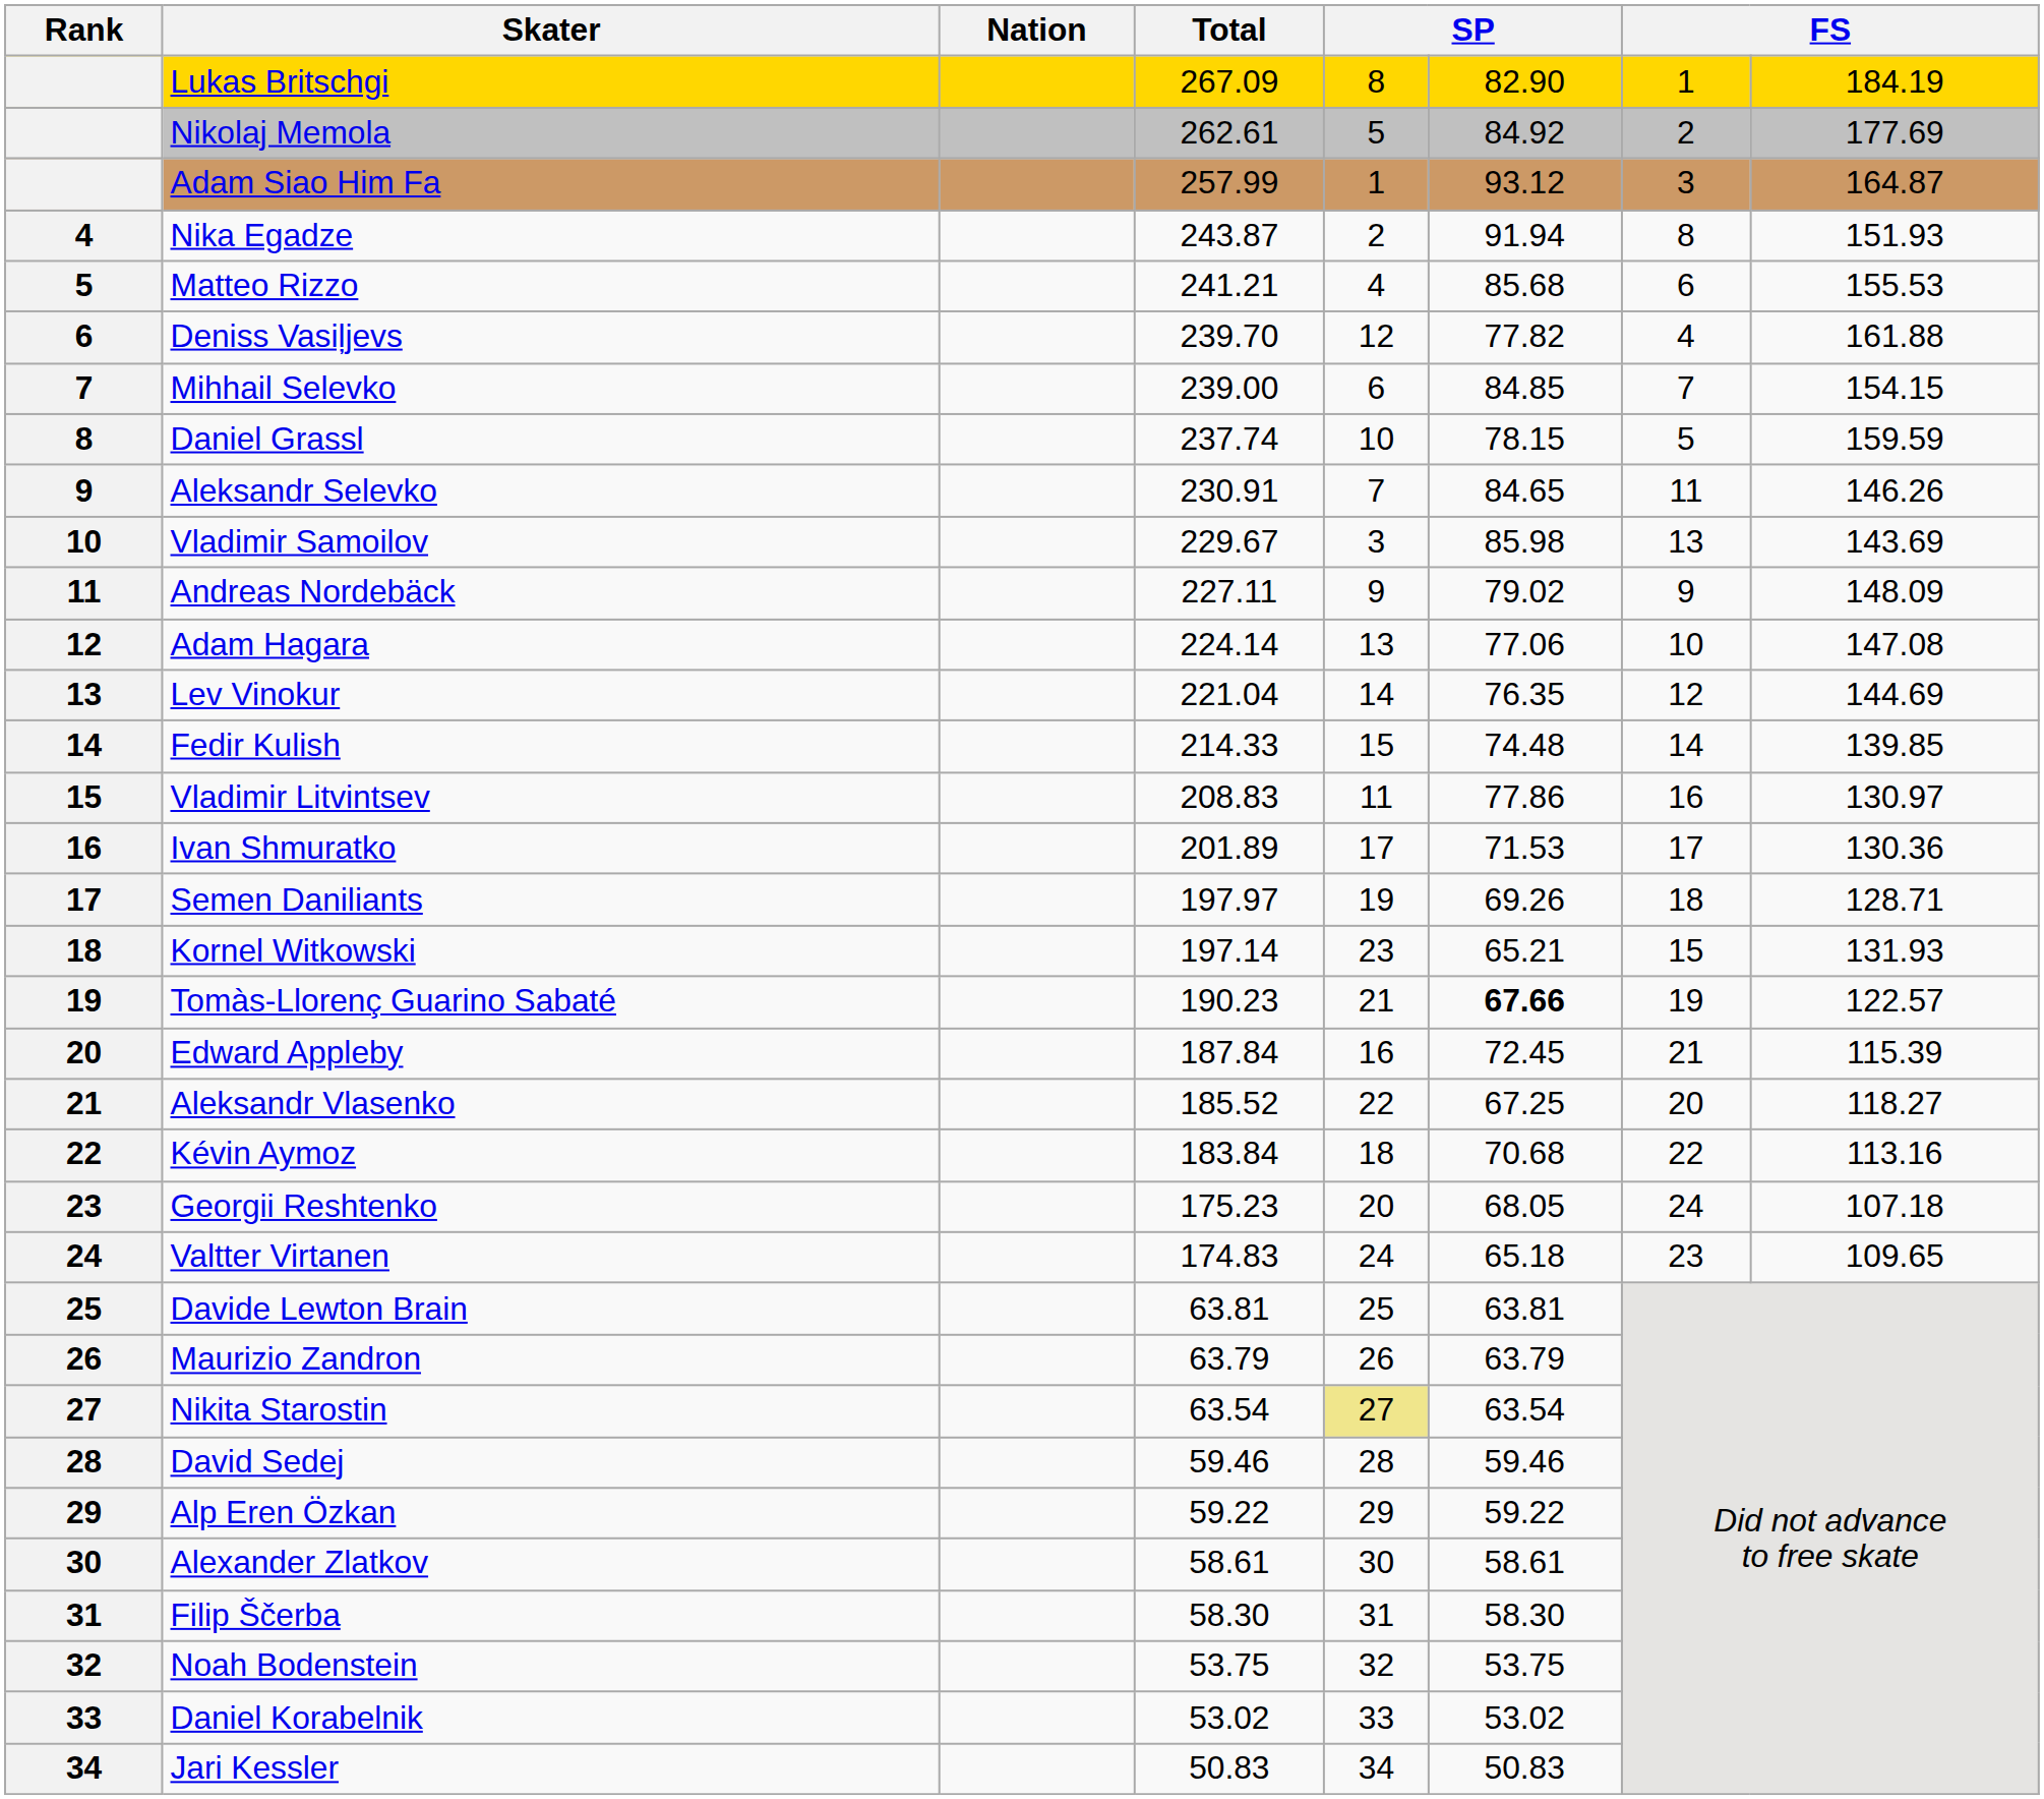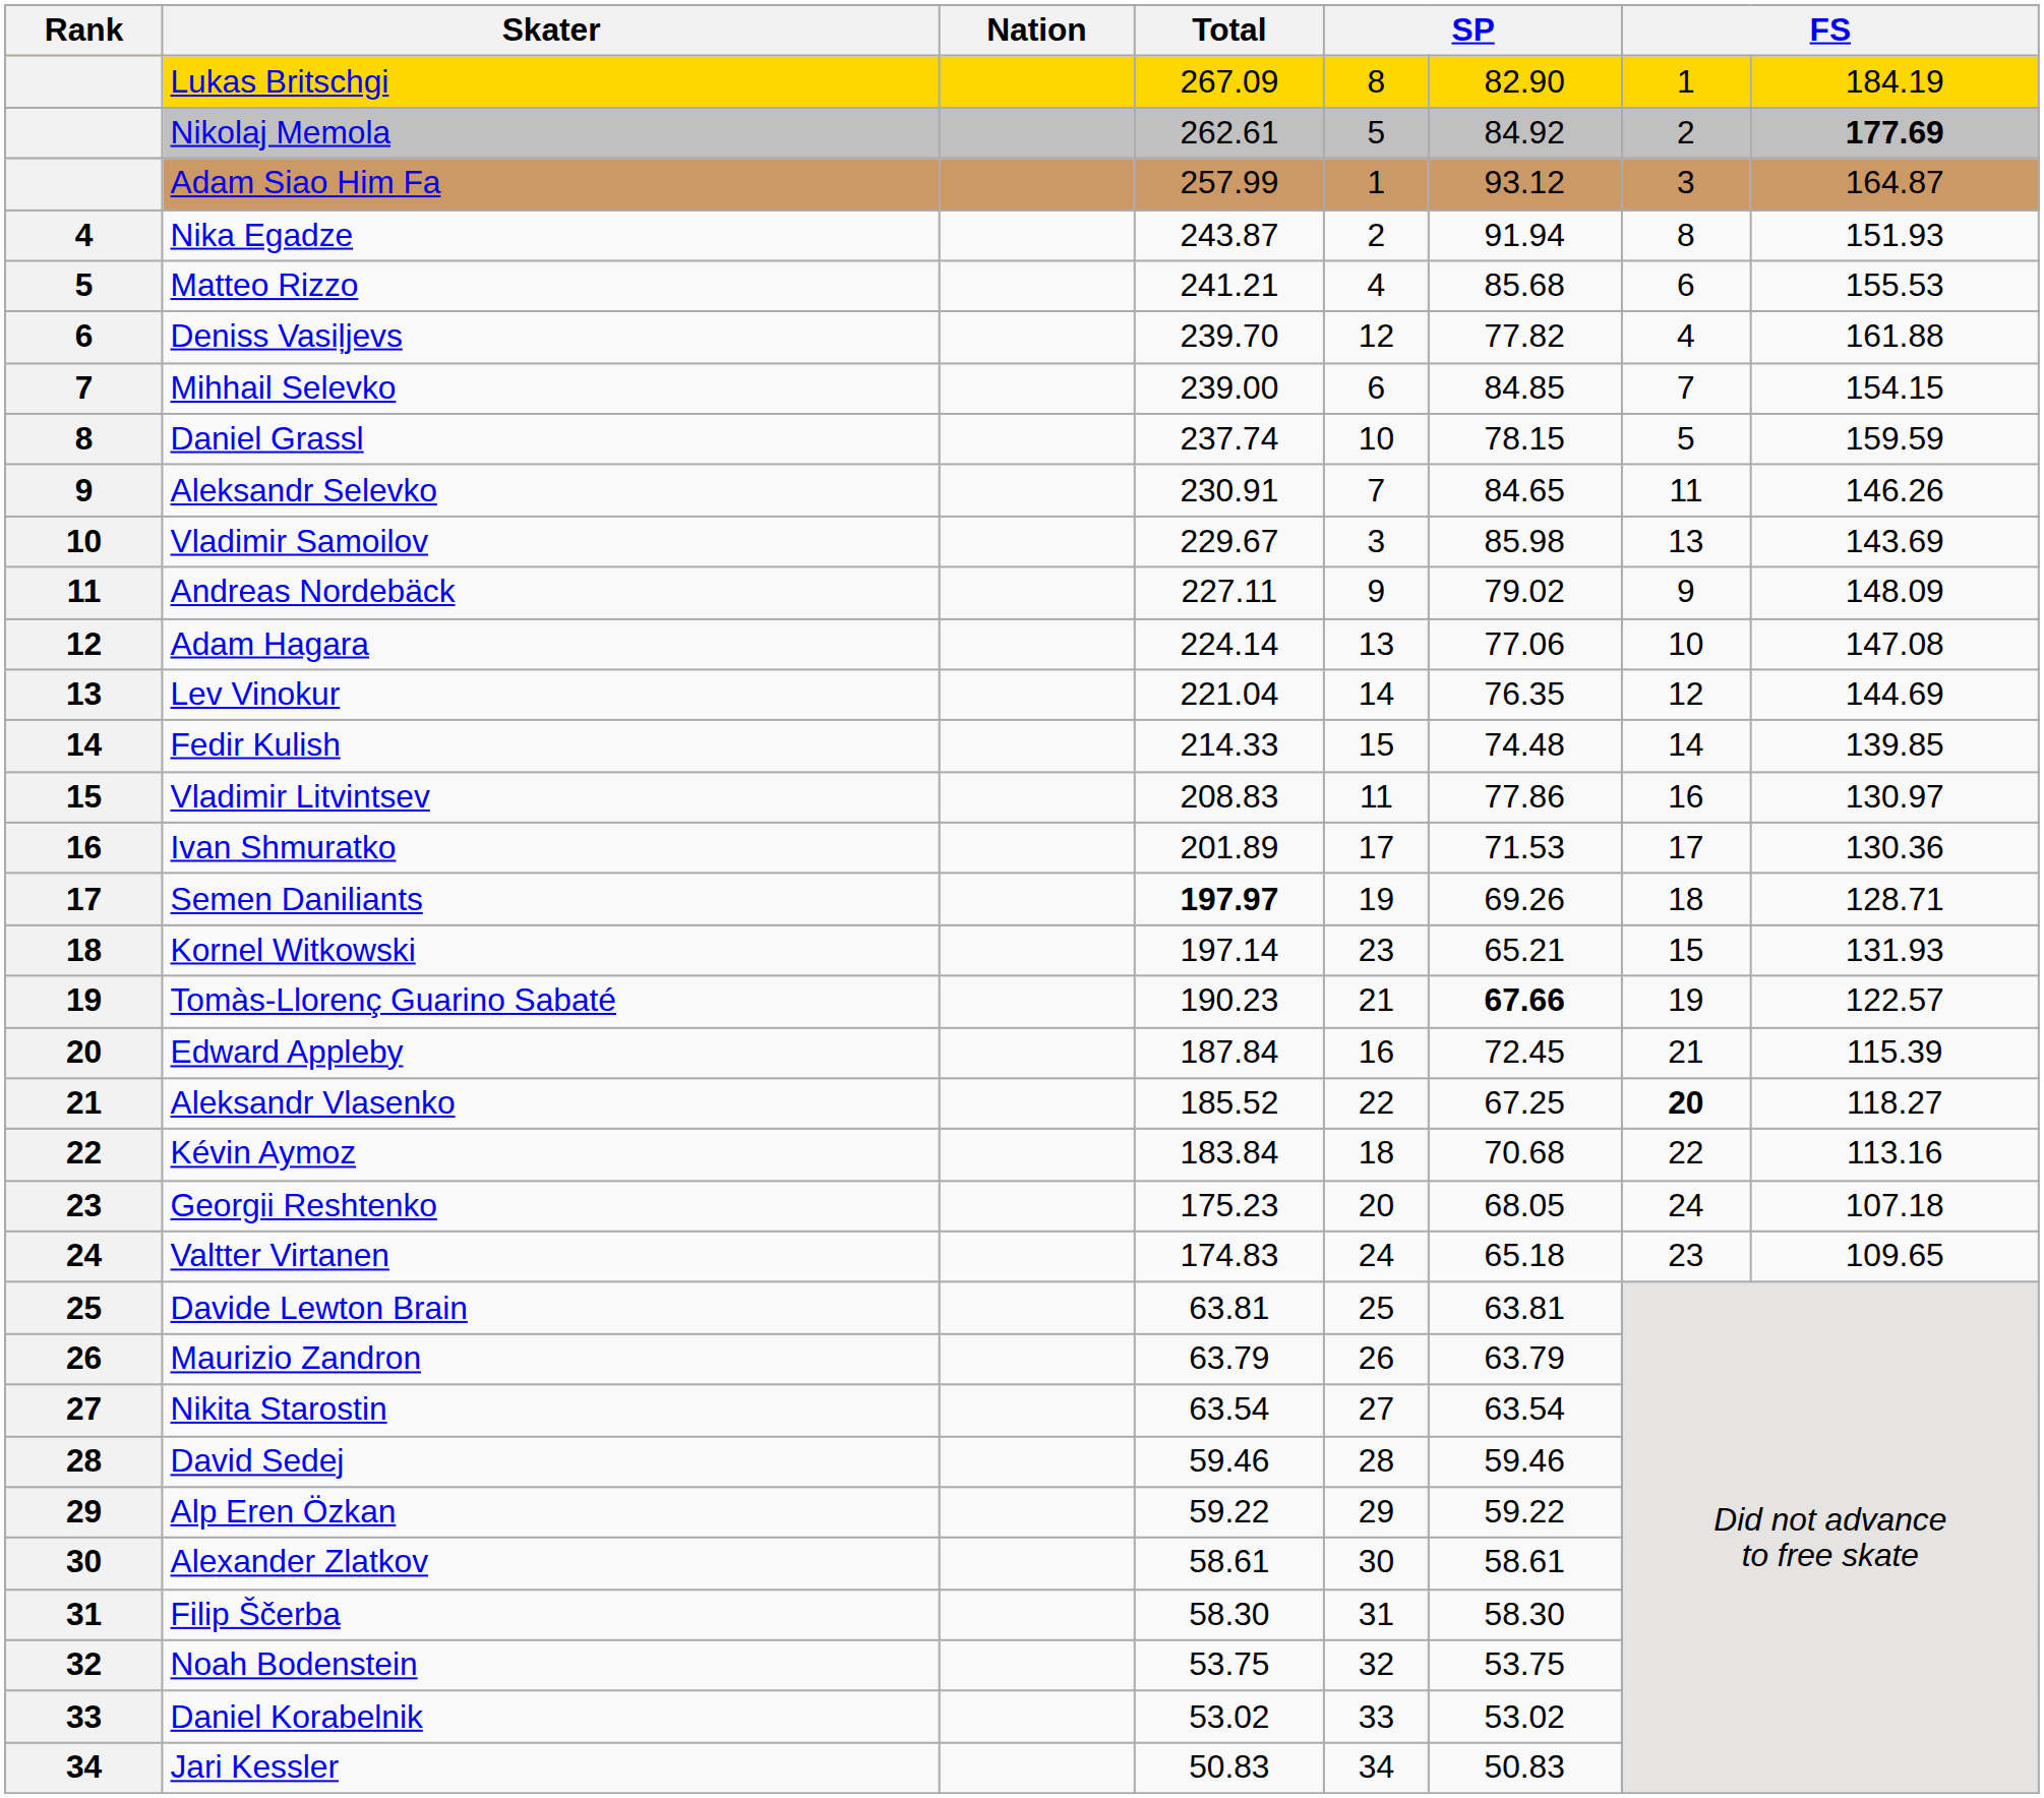 <table class="wikitable sortable" style="text-align:center; width:80%">
 <tr>
 <th scope="col">Rank</th>
 <th scope="col">Skater</th>
 <th scope="col">Nation</th>
 <th scope="col">Total</th>
 <th scope="col" colspan="2" width="80px"><a href='#'>SP</a></th>
 <th scope="col" colspan="2" width="80px"><a href='#'>FS</a></th>
 </tr>
 <tr bgcolor="gold">
 <th scope="row"></th>
 <td align="left"><a href='#'>Lukas Britschgi</a></td>
 <td align="left"></td>
 <td>267.09</td>
 <td>8</td>
 <td>82.90</td>
 <td>1</td>
 <td>184.19</td>
 </tr>
 <tr bgcolor="silver">
 <th scope="row"></th>
 <td align="left"><a href='#'>Nikolaj Memola</a></td>
 <td align="left"></td>
 <td>262.61</td>
 <td>5</td>
 <td>84.92</td>
 <td>2</td>
-<td>177.69</td>
+<td><strong>177.69</strong></td>
 </tr>
 <tr bgcolor="#cc9966">
 <th scope="row"></th>
 <td align="left"><a href='#'>Adam Siao Him Fa</a></td>
 <td align="left"></td>
 <td>257.99</td>
 <td>1</td>
 <td>93.12</td>
 <td>3</td>
 <td>164.87</td>
 </tr>
 <tr>
 <th scope="row">4</th>
 <td align="left"><a href='#'>Nika Egadze</a></td>
 <td align="left"></td>
 <td>243.87</td>
 <td>2</td>
 <td>91.94</td>
 <td>8</td>
 <td>151.93</td>
 </tr>
 <tr>
 <th scope="row">5</th>
 <td align="left"><a href='#'>Matteo Rizzo</a></td>
 <td align="left"></td>
 <td>241.21</td>
 <td>4</td>
 <td>85.68</td>
 <td>6</td>
 <td>155.53</td>
 </tr>
 <tr>
 <th scope="row">6</th>
 <td align="left"><a href='#'>Deniss Vasiļjevs</a></td>
 <td align="left"></td>
 <td>239.70</td>
 <td>12</td>
 <td>77.82</td>
 <td>4</td>
 <td>161.88</td>
 </tr>
 <tr>
 <th scope="row">7</th>
 <td align="left"><a href='#'>Mihhail Selevko</a></td>
 <td align="left"></td>
 <td>239.00</td>
 <td>6</td>
 <td>84.85</td>
 <td>7</td>
 <td>154.15</td>
 </tr>
 <tr>
 <th scope="row">8</th>
 <td align="left"><a href='#'>Daniel Grassl</a></td>
 <td align="left"></td>
 <td>237.74</td>
 <td>10</td>
 <td>78.15</td>
 <td>5</td>
 <td>159.59</td>
 </tr>
 <tr>
 <th scope="row">9</th>
 <td align="left"><a href='#'>Aleksandr Selevko</a></td>
 <td align="left"></td>
 <td>230.91</td>
 <td>7</td>
 <td>84.65</td>
 <td>11</td>
 <td>146.26</td>
 </tr>
 <tr>
 <th scope="row">10</th>
 <td align="left"><a href='#'>Vladimir Samoilov</a></td>
 <td align="left"></td>
 <td>229.67</td>
 <td>3</td>
 <td>85.98</td>
 <td>13</td>
 <td>143.69</td>
 </tr>
 <tr>
 <th scope="row">11</th>
 <td align="left"><a href='#'>Andreas Nordebäck</a></td>
 <td align="left"></td>
 <td>227.11</td>
 <td>9</td>
 <td>79.02</td>
 <td>9</td>
 <td>148.09</td>
 </tr>
 <tr>
 <th scope="row">12</th>
 <td align="left"><a href='#'>Adam Hagara</a></td>
 <td align="left"></td>
 <td>224.14</td>
 <td>13</td>
 <td>77.06</td>
 <td>10</td>
 <td>147.08</td>
 </tr>
 <tr>
 <th scope="row">13</th>
 <td align="left"><a href='#'>Lev Vinokur</a></td>
 <td align="left"></td>
 <td>221.04</td>
 <td>14</td>
 <td>76.35</td>
 <td>12</td>
 <td>144.69</td>
 </tr>
 <tr>
 <th scope="row">14</th>
 <td align="left"><a href='#'>Fedir Kulish</a></td>
 <td align="left"></td>
 <td>214.33</td>
 <td>15</td>
 <td>74.48</td>
 <td>14</td>
 <td>139.85</td>
 </tr>
 <tr>
 <th scope="row">15</th>
 <td align="left"><a href='#'>Vladimir Litvintsev</a></td>
 <td align="left"></td>
 <td>208.83</td>
 <td>11</td>
 <td>77.86</td>
 <td>16</td>
 <td>130.97</td>
 </tr>
 <tr>
 <th scope="row">16</th>
 <td align="left"><a href='#'>Ivan Shmuratko</a></td>
 <td align="left"></td>
 <td>201.89</td>
 <td>17</td>
 <td>71.53</td>
 <td>17</td>
 <td>130.36</td>
 </tr>
 <tr>
 <th scope="row">17</th>
 <td align="left"><a href='#'>Semen Daniliants</a></td>
 <td align="left"></td>
-<td>197.97</td>
+<td><strong>197.97</strong></td>
 <td>19</td>
 <td>69.26</td>
 <td>18</td>
 <td>128.71</td>
 </tr>
 <tr>
 <th scope="row">18</th>
 <td align="left"><a href='#'>Kornel Witkowski</a></td>
 <td align="left"></td>
 <td>197.14</td>
 <td>23</td>
 <td>65.21</td>
 <td>15</td>
 <td>131.93</td>
 </tr>
 <tr>
 <th scope="row">19</th>
 <td align="left"><a href='#'>Tomàs-Llorenç Guarino Sabaté</a></td>
 <td align="left"></td>
 <td>190.23</td>
 <td>21</td>
 <td><strong>67.66</strong></td>
 <td>19</td>
 <td>122.57</td>
 </tr>
 <tr>
 <th scope="row">20</th>
 <td align="left"><a href='#'>Edward Appleby</a></td>
 <td align="left"></td>
 <td>187.84</td>
 <td>16</td>
 <td>72.45</td>
 <td>21</td>
 <td>115.39</td>
 </tr>
 <tr>
 <th scope="row">21</th>
 <td align="left"><a href='#'>Aleksandr Vlasenko</a></td>
 <td align="left"></td>
 <td>185.52</td>
 <td>22</td>
 <td>67.25</td>
-<td>20</td>
+<td><strong>20</strong></td>
 <td>118.27</td>
 </tr>
 <tr>
 <th scope="row">22</th>
 <td align="left"><a href='#'>Kévin Aymoz</a></td>
 <td align="left"></td>
 <td>183.84</td>
 <td>18</td>
 <td>70.68</td>
 <td>22</td>
 <td>113.16</td>
 </tr>
 <tr>
 <th scope="row">23</th>
 <td align="left"><a href='#'>Georgii Reshtenko</a></td>
 <td align="left"></td>
 <td>175.23</td>
 <td>20</td>
 <td>68.05</td>
 <td>24</td>
 <td>107.18</td>
 </tr>
 <tr>
 <th scope="row">24</th>
 <td align="left"><a href='#'>Valtter Virtanen</a></td>
 <td align="left"></td>
 <td>174.83</td>
 <td>24</td>
 <td>65.18</td>
 <td>23</td>
 <td>109.65</td>
 </tr>
 <tr>
 <th scope="row">25</th>
 <td align="left"><a href='#'>Davide Lewton Brain</a></td>
 <td align="left"></td>
 <td>63.81</td>
 <td>25</td>
 <td>63.81</td>
 <td colspan="2" rowspan="10" bgcolor="e5e4e2"><em>Did not advance<br>to free skate</em></td>
 </tr>
 <tr>
 <th scope="row">26</th>
 <td align="left"><a href='#'>Maurizio Zandron</a></td>
 <td align="left"></td>
 <td>63.79</td>
 <td>26</td>
 <td>63.79</td>
 </tr>
 <tr>
 <th scope="row">27</th>
 <td align="left"><a href='#'>Nikita Starostin</a></td>
 <td align="left"></td>
 <td>63.54</td>
-<td style="background: khaki;">27</td>
+<td>27</td>
 <td>63.54</td>
 </tr>
 <tr>
 <th scope="row">28</th>
 <td align="left"><a href='#'>David Sedej</a></td>
 <td align="left"></td>
 <td>59.46</td>
 <td>28</td>
 <td>59.46</td>
 </tr>
 <tr>
 <th scope="row">29</th>
 <td align="left"><a href='#'>Alp Eren Özkan</a></td>
 <td align="left"></td>
 <td>59.22</td>
 <td>29</td>
 <td>59.22</td>
 </tr>
 <tr>
 <th scope="row">30</th>
 <td align="left"><a href='#'>Alexander Zlatkov</a></td>
 <td align="left"></td>
 <td>58.61</td>
 <td>30</td>
 <td>58.61</td>
 </tr>
 <tr>
 <th scope="row">31</th>
 <td align="left"><a href='#'>Filip Ščerba</a></td>
 <td align="left"></td>
 <td>58.30</td>
 <td>31</td>
 <td>58.30</td>
 </tr>
 <tr>
 <th scope="row">32</th>
 <td align="left"><a href='#'>Noah Bodenstein</a></td>
 <td align="left"></td>
 <td>53.75</td>
 <td>32</td>
 <td>53.75</td>
 </tr>
 <tr>
 <th scope="row">33</th>
 <td align="left"><a href='#'>Daniel Korabelnik</a></td>
 <td align="left"></td>
 <td>53.02</td>
 <td>33</td>
 <td>53.02</td>
 </tr>
 <tr>
 <th scope="row">34</th>
 <td align="left"><a href='#'>Jari Kessler</a></td>
 <td align="left"></td>
 <td>50.83</td>
 <td>34</td>
 <td>50.83</td>
 </tr>
 </table>
